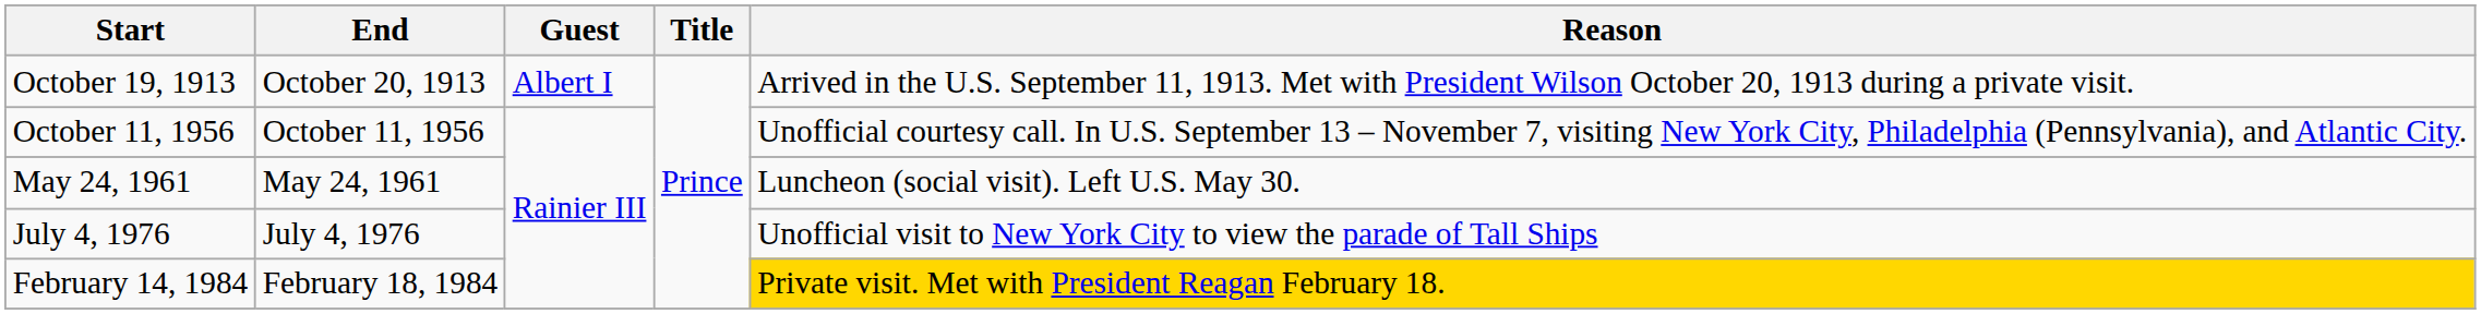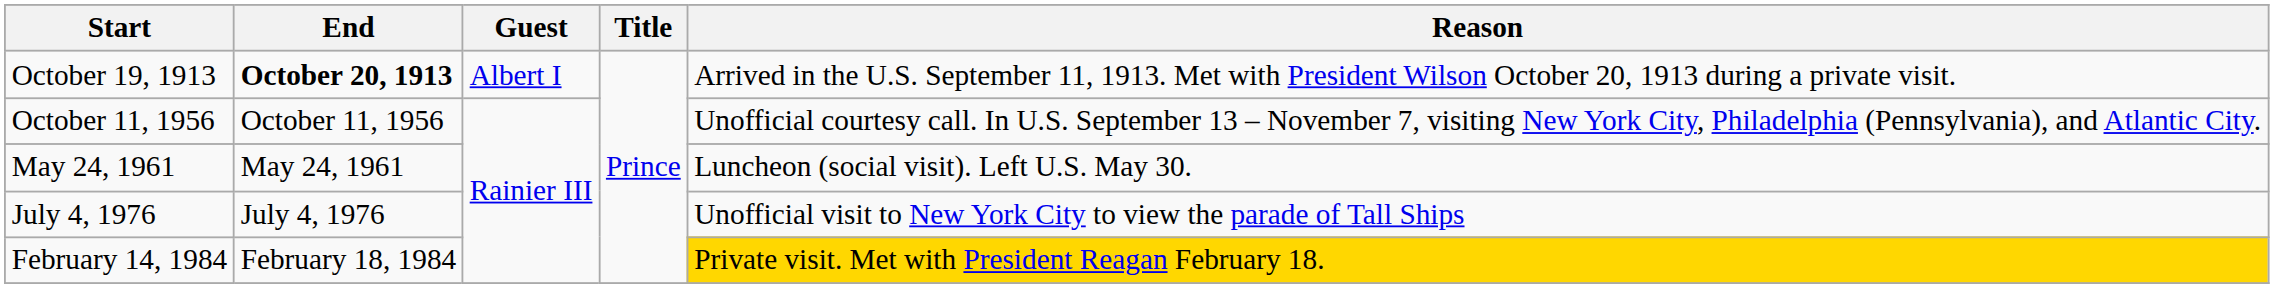 <table class="wikitable sortable">
 <tr>
 <th>Start</th>
 <th>End</th>
 <th>Guest</th>
 <th>Title</th>
 <th>Reason</th>
 </tr>
 <tr>
 <td>October 19, 1913</td>
-<td>October 20, 1913</td>
+<td><strong>October 20, 1913</strong></td>
 <td><a href='#'>Albert I</a></td>
 <td rowspan=5><a href='#'>Prince</a></td>
 <td>Arrived in the U.S. September 11, 1913. Met with <a href='#'>President Wilson</a> October 20, 1913 during a private visit.</td>
 </tr>
 <tr>
 <td>October 11, 1956</td>
 <td>October 11, 1956</td>
 <td rowspan=4><a href='#'>Rainier III</a></td>
 <td>Unofficial courtesy call. In U.S. September 13 – November 7, visiting <a href='#'>New York City</a>, <a href='#'>Philadelphia</a> (Pennsylvania), and <a href='#'>Atlantic City</a>.</td>
 </tr>
 <tr>
 <td>May 24, 1961</td>
 <td>May 24, 1961</td>
 <td>Luncheon (social visit). Left U.S. May 30.</td>
 </tr>
 <tr>
 <td>July 4, 1976</td>
 <td>July 4, 1976</td>
 <td>Unofficial visit to <a href='#'>New York City</a> to view the <a href='#'>parade of Tall Ships</a></td>
 </tr>
 <tr>
 <td>February 14, 1984</td>
 <td>February 18, 1984</td>
 <td style="background: gold;">Private visit. Met with <a href='#'>President Reagan</a> February 18.</td>
 </tr>
 </table>
